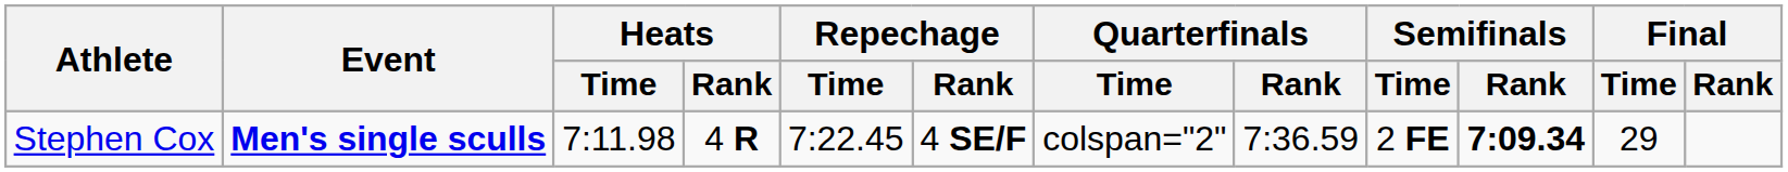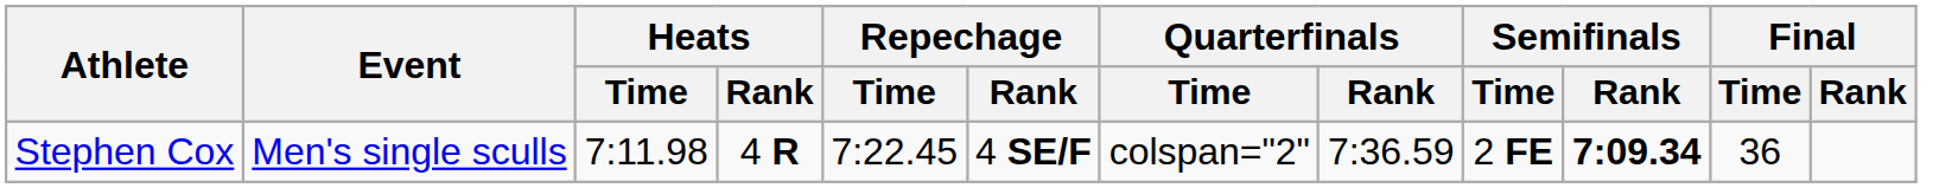 <table class=wikitable style=font-size:90%;text-align:center>
 <tr>
 <th rowspan=2>Athlete</th>
 <th rowspan=2>Event</th>
 <th colspan=2>Heats</th>
 <th colspan=2>Repechage</th>
 <th colspan=2>Quarterfinals</th>
 <th colspan=2>Semifinals</th>
 <th colspan=2>Final</th>
 </tr>
 <tr style=font-size:95%>
 <th>Time</th>
 <th>Rank</th>
 <th>Time</th>
 <th>Rank</th>
 <th>Time</th>
 <th>Rank</th>
 <th>Time</th>
 <th>Rank</th>
 <th>Time</th>
 <th>Rank</th>
 </tr>
 <tr>
 <td align=left><a href='#'>Stephen Cox</a></td>
-<td align=left><strong><a href='#'>Men's single sculls</a></strong></td>
+<td align=left><a href='#'>Men's single sculls</a></td>
 <td>7:11.98</td>
 <td>4 <strong>R</strong></td>
 <td>7:22.45</td>
 <td>4 <strong>SE/F</strong></td>
 <td>colspan="2" </td>
 <td>7:36.59</td>
 <td>2 <strong>FE</strong></td>
 <td><strong>7:09.34</strong></td>
-<td>29</td>
+<td>36</td>
 </tr>
 </table>
